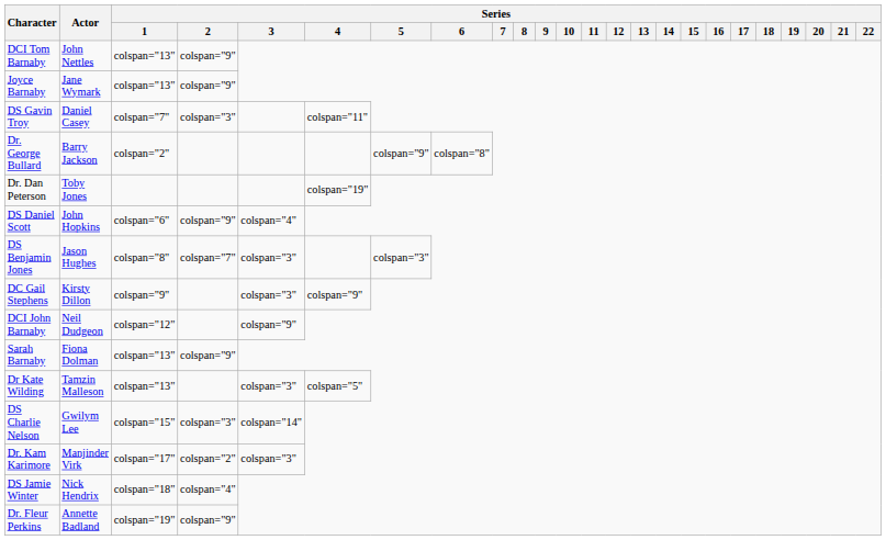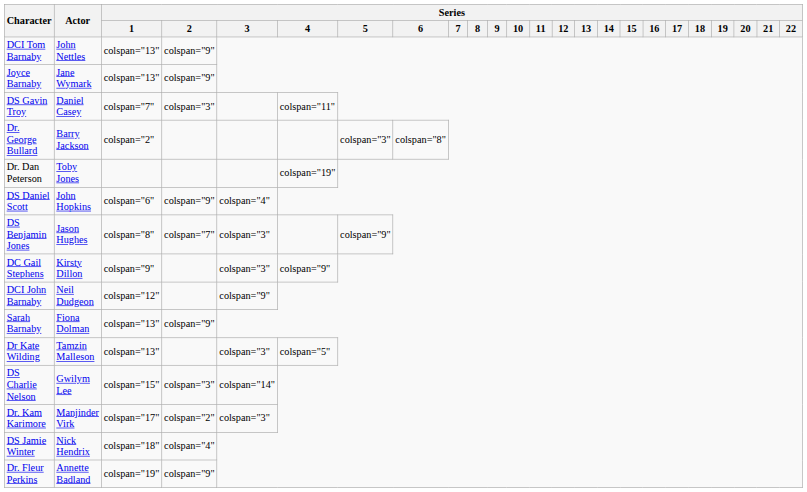 <table class="wikitable">
 <tr>
 <th rowspan="2">Character</th>
 <th rowspan="2">Actor</th>
 <th colspan="22">Series</th>
 </tr>
 <tr>
 <th style="width: 50px;">1</th>
 <th style="width: 50px;">2</th>
 <th style="width: 50px;">3</th>
 <th style="width: 50px;">4</th>
 <th style="width: 50px;">5</th>
 <th style="width: 50px;">6</th>
 <th style="width: 50px;">7</th>
 <th style="width: 50px;">8</th>
 <th style="width: 50px;">9</th>
 <th style="width: 50px;">10</th>
 <th style="width: 50px;">11</th>
 <th style="width: 50px;">12</th>
 <th style="width: 50px;">13</th>
 <th style="width: 50px;">14</th>
 <th style="width: 50px;">15</th>
 <th style="width: 50px;">16</th>
 <th style="width: 50px;">17</th>
 <th style="width: 50px;">18</th>
 <th style="width: 50px;">19</th>
 <th style="width: 50px;">20</th>
 <th style="width: 50px;">21</th>
 <th style="width: 50px;">22</th>
 </tr>
 <tr>
 <td><a href='#'>DCI Tom Barnaby</a></td>
 <td><a href='#'>John Nettles</a></td>
 <td>colspan="13" </td>
 <td>colspan="9" </td>
 </tr>
 <tr>
 <td><a href='#'>Joyce Barnaby</a></td>
 <td><a href='#'>Jane Wymark</a></td>
 <td>colspan="13" </td>
 <td>colspan="9" </td>
 </tr>
 <tr>
 <td><a href='#'>DS Gavin Troy</a></td>
 <td><a href='#'>Daniel Casey</a></td>
 <td>colspan="7" </td>
 <td>colspan="3" </td>
 <td></td>
 <td>colspan="11" </td>
 </tr>
 <tr>
 <td><a href='#'>Dr. George Bullard</a></td>
 <td><a href='#'>Barry Jackson</a></td>
 <td>colspan="2" </td>
 <td></td>
 <td></td>
 <td></td>
-<td>colspan="9" </td>
+<td>colspan="3" </td>
 <td>colspan="8" </td>
 </tr>
 <tr>
 <td>Dr. Dan Peterson</td>
 <td><a href='#'>Toby Jones</a></td>
 <td></td>
 <td></td>
 <td></td>
 <td>colspan="19" </td>
 </tr>
 <tr>
 <td><a href='#'>DS Daniel Scott</a></td>
 <td><a href='#'>John Hopkins</a></td>
 <td>colspan="6" </td>
 <td>colspan="9" </td>
 <td>colspan="4" </td>
 </tr>
 <tr>
 <td><a href='#'>DS Benjamin Jones</a></td>
 <td><a href='#'>Jason Hughes</a></td>
 <td>colspan="8" </td>
 <td>colspan="7" </td>
 <td>colspan="3" </td>
 <td></td>
-<td>colspan="3" </td>
+<td>colspan="9" </td>
 </tr>
 <tr>
 <td><a href='#'>DC Gail Stephens</a></td>
 <td><a href='#'>Kirsty Dillon</a></td>
 <td>colspan="9" </td>
 <td></td>
 <td>colspan="3" </td>
 <td>colspan="9" </td>
 </tr>
 <tr>
 <td><a href='#'>DCI John Barnaby</a></td>
 <td><a href='#'>Neil Dudgeon</a></td>
 <td>colspan="12" </td>
 <td></td>
 <td>colspan="9" </td>
 </tr>
 <tr>
 <td><a href='#'>Sarah Barnaby</a></td>
 <td><a href='#'>Fiona Dolman</a></td>
 <td>colspan="13" </td>
 <td>colspan="9" </td>
 </tr>
 <tr>
 <td><a href='#'>Dr Kate Wilding</a></td>
 <td><a href='#'>Tamzin Malleson</a></td>
 <td>colspan="13" </td>
 <td></td>
 <td>colspan="3" </td>
 <td>colspan="5" </td>
 </tr>
 <tr>
 <td><a href='#'>DS Charlie Nelson</a></td>
 <td><a href='#'>Gwilym Lee</a></td>
 <td>colspan="15" </td>
 <td>colspan="3" </td>
 <td>colspan="14" </td>
 </tr>
 <tr>
 <td><a href='#'>Dr. Kam Karimore</a></td>
 <td><a href='#'>Manjinder Virk</a></td>
 <td>colspan="17" </td>
 <td>colspan="2" </td>
 <td>colspan="3" </td>
 </tr>
 <tr>
 <td><a href='#'>DS Jamie Winter</a></td>
 <td><a href='#'>Nick Hendrix</a></td>
 <td>colspan="18" </td>
 <td>colspan="4" </td>
 </tr>
 <tr>
 <td><a href='#'>Dr. Fleur Perkins</a></td>
 <td><a href='#'>Annette Badland</a></td>
 <td>colspan="19" </td>
 <td>colspan="9" </td>
 </tr>
 </table>
